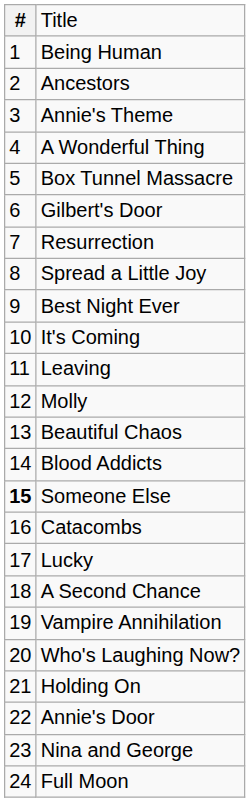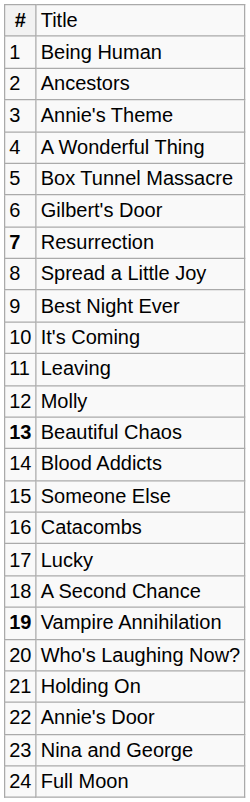 <table class="wikitable" style="float:left; margin-right:1em">
 <tr>
 <th>#</th>
 <td>Title</td>
 </tr>
 <tr>
 <td>1</td>
 <td>Being Human</td>
 </tr>
 <tr>
 <td>2</td>
 <td>Ancestors</td>
 </tr>
 <tr>
 <td>3</td>
 <td>Annie's Theme</td>
 </tr>
 <tr>
 <td>4</td>
 <td>A Wonderful Thing</td>
 </tr>
 <tr>
 <td>5</td>
 <td>Box Tunnel Massacre</td>
 </tr>
 <tr>
 <td>6</td>
 <td>Gilbert's Door</td>
 </tr>
 <tr>
-<td>7</td>
+<td><strong>7</strong></td>
 <td>Resurrection</td>
 </tr>
 <tr>
 <td>8</td>
 <td>Spread a Little Joy</td>
 </tr>
 <tr>
 <td>9</td>
 <td>Best Night Ever</td>
 </tr>
 <tr>
 <td>10</td>
 <td>It's Coming</td>
 </tr>
 <tr>
 <td>11</td>
 <td>Leaving</td>
 </tr>
 <tr>
 <td>12</td>
 <td>Molly</td>
 </tr>
 <tr>
-<td>13</td>
+<td><strong>13</strong></td>
 <td>Beautiful Chaos</td>
 </tr>
 <tr>
 <td>14</td>
 <td>Blood Addicts</td>
 </tr>
 <tr>
-<td><strong>15</strong></td>
+<td>15</td>
 <td>Someone Else</td>
 </tr>
 <tr>
 <td>16</td>
 <td>Catacombs</td>
 </tr>
 <tr>
 <td>17</td>
 <td>Lucky</td>
 </tr>
 <tr>
 <td>18</td>
 <td>A Second Chance</td>
 </tr>
 <tr>
-<td>19</td>
+<td><strong>19</strong></td>
 <td>Vampire Annihilation</td>
 </tr>
 <tr>
 <td>20</td>
 <td>Who's Laughing Now?</td>
 </tr>
 <tr>
 <td>21</td>
 <td>Holding On</td>
 </tr>
 <tr>
 <td>22</td>
 <td>Annie's Door</td>
 </tr>
 <tr>
 <td>23</td>
 <td>Nina and George</td>
 </tr>
 <tr>
 <td>24</td>
 <td>Full Moon</td>
 </tr>
 </table>
